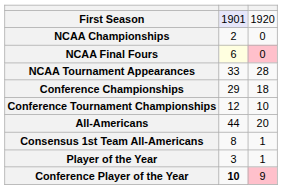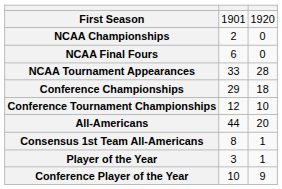 <table class="wikitable" style="float:right; clear:right; margin-left:1em; font-size:88%;">
 <tr>
 <th></th>
 <th><a href='#'></a></th>
 <th><a href='#'></a></th>
 </tr>
 <tr>
 <th scope=row>First Season</th>
-<td align=center style="background: lavender;">1901</td>
+<td align=center>1901</td>
 <td align=center>1920</td>
 </tr>
 <tr>
 <th scope=row>NCAA Championships</th>
 <td align=center>2</td>
 <td align=center>0</td>
 </tr>
 <tr>
 <th scope=row>NCAA Final Fours</th>
-<td align=center style="background: lightyellow;">6</td>
-<td align=center style="background: pink;">0</td>
+<td align=center>6</td>
+<td align=center>0</td>
 </tr>
 <tr>
 <th scope=row>NCAA Tournament Appearances</th>
 <td align=center>33</td>
 <td align=center>28</td>
 </tr>
 <tr>
 <th scope=row>Conference Championships</th>
 <td align=center>29</td>
 <td align=center>18</td>
 </tr>
 <tr>
 <th scope=row>Conference Tournament Championships</th>
 <td align=center>12</td>
 <td align=center>10</td>
 </tr>
 <tr>
 <th scope=row>All-Americans</th>
 <td align=center>44</td>
 <td align=center>20</td>
 </tr>
 <tr>
 <th scope=row>Consensus 1st Team All-Americans</th>
 <td align=center>8</td>
 <td align=center>1</td>
 </tr>
 <tr>
 <th scope=row>Player of the Year</th>
 <td align=center>3</td>
 <td align=center>1</td>
 </tr>
 <tr>
 <th scope=row>Conference Player of the Year</th>
-<td align=center><strong>10</strong></td>
-<td align=center style="background: pink;">9</td>
+<td align=center>10</td>
+<td align=center>9</td>
 </tr>
 </table>
